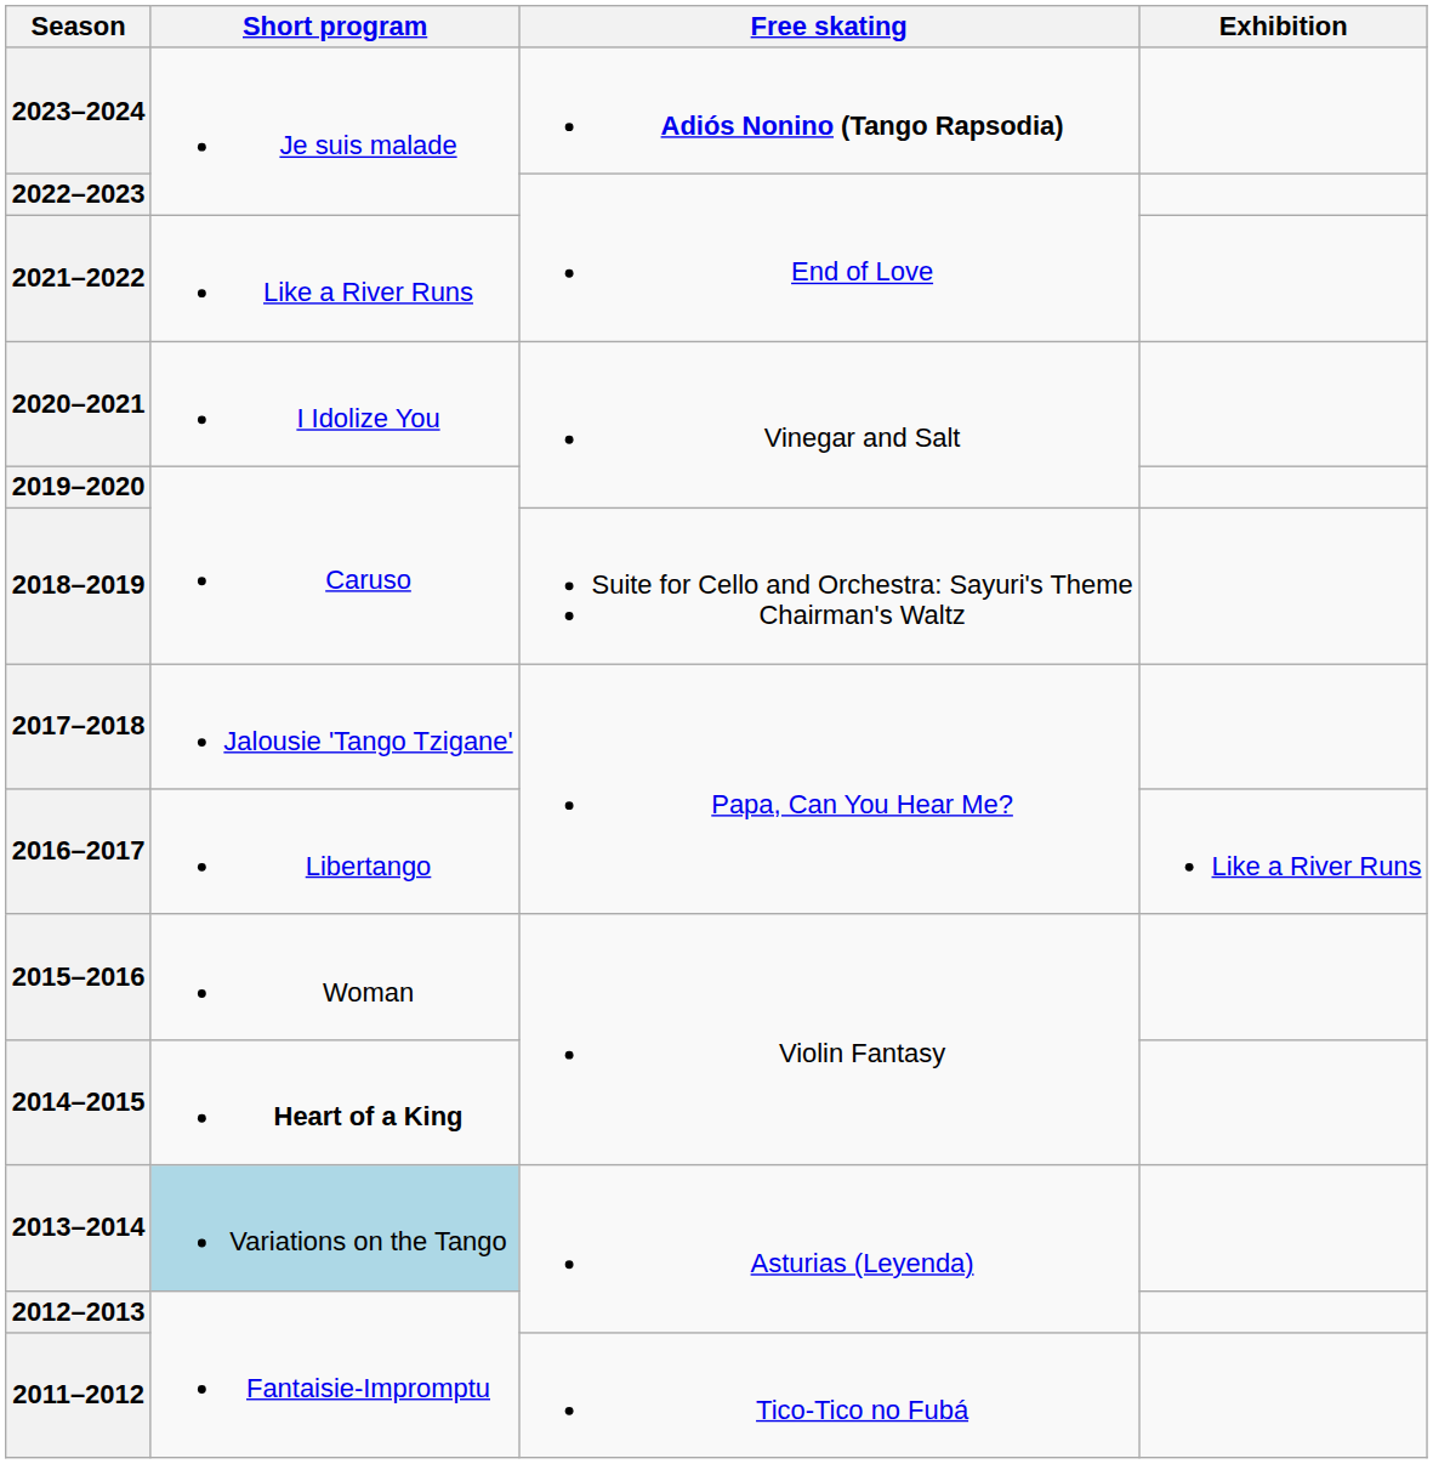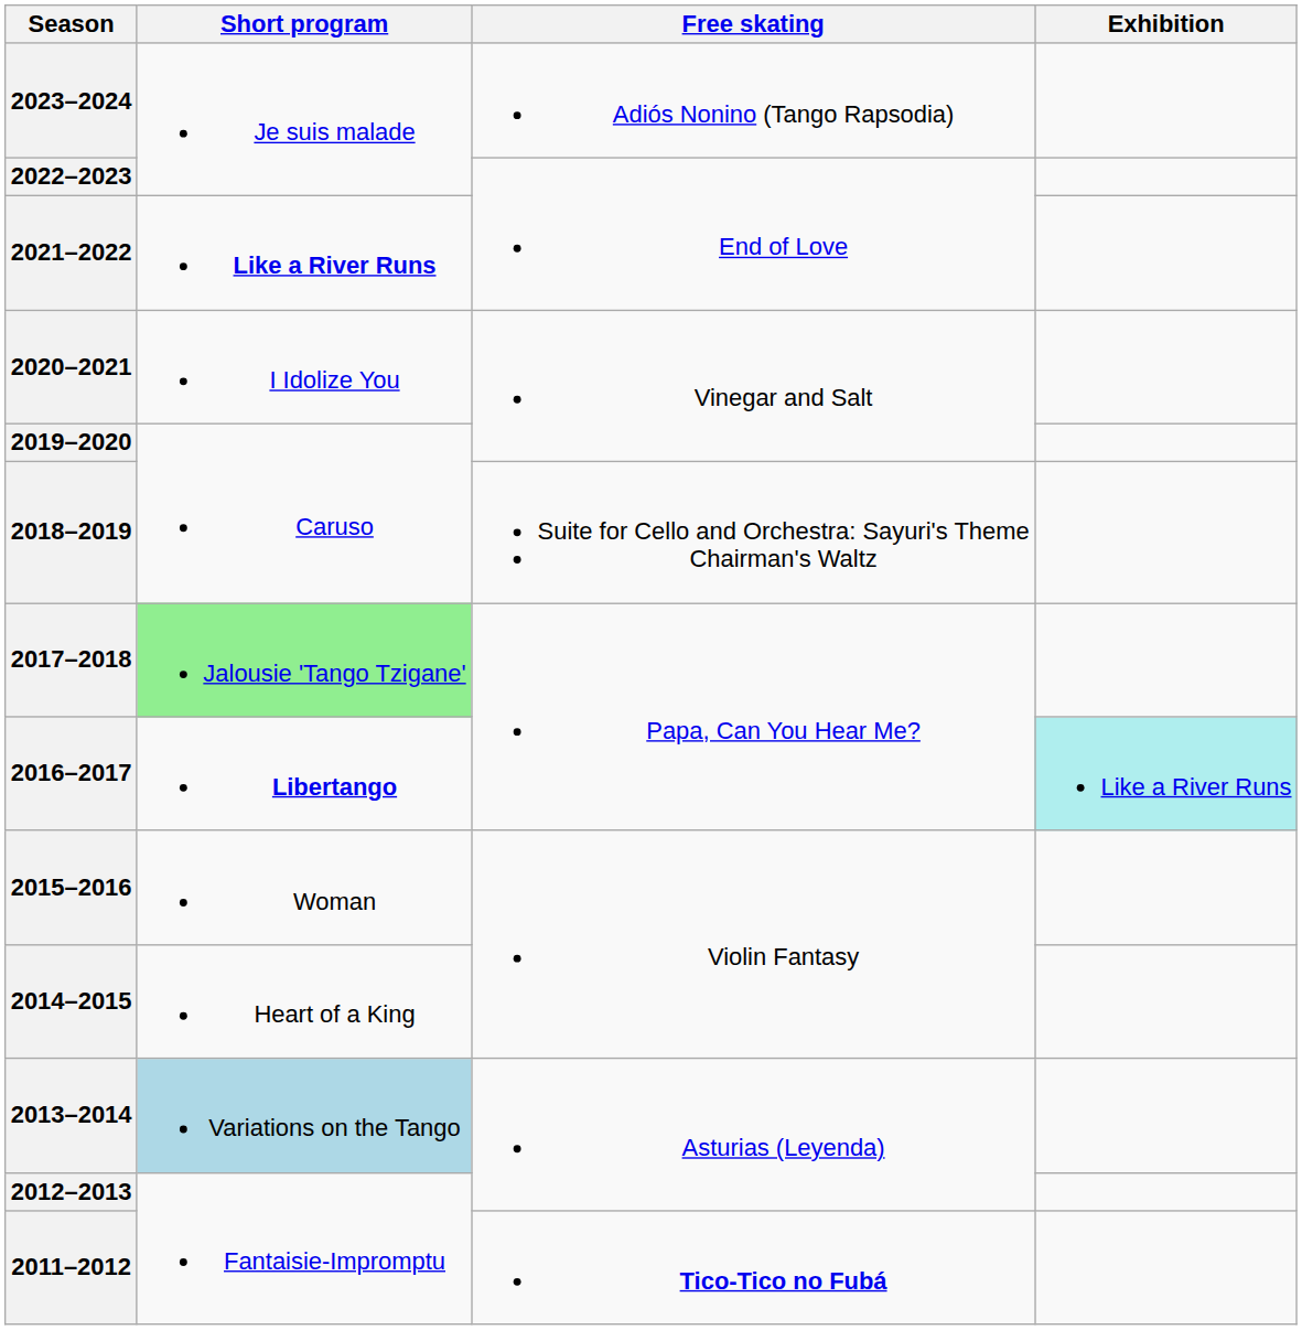 <table class="wikitable" style="text-align:center">
 <tr>
 <th>Season</th>
 <th><a href='#'>Short program</a></th>
 <th><a href='#'>Free skating</a></th>
 <th>Exhibition</th>
 </tr>
 <tr>
 <th>2023–2024 <br> </th>
 <td rowspan=2><br><ul><li><a href='#'>Je suis malade</a><br> </li></ul></td>
-<td><strong><br><ul><li><a href='#'>Adiós Nonino</a> (Tango Rapsodia) <br> </li></ul></strong></td>
+<td><br><ul><li><a href='#'>Adiós Nonino</a> (Tango Rapsodia) <br> </li></ul></td>
 <td></td>
 </tr>
 <tr>
 <th>2022–2023 <br> </th>
 <td rowspan=2><br><ul><li><a href='#'>End of Love</a> <br> </li></ul></td>
 <td></td>
 </tr>
 <tr>
 <th>2021–2022 <br> </th>
-<td><br><ul><li><a href='#'>Like a River Runs</a><br> </li></ul></td>
+<td><strong><br><ul><li><a href='#'>Like a River Runs</a><br> </li></ul></strong></td>
 <td></td>
 </tr>
 <tr>
 <th>2020–2021 <br> </th>
 <td><br><ul><li><a href='#'>I Idolize You</a><br> </li></ul></td>
 <td rowspan=2><br><ul><li>Vinegar and Salt <br> </li></ul></td>
 <td></td>
 </tr>
 <tr>
 <th>2019–2020 <br> </th>
 <td rowspan=2><br><ul><li><a href='#'>Caruso</a> <br> </li></ul></td>
 <td></td>
 </tr>
 <tr>
 <th>2018–2019 <br> </th>
 <td><br><ul><li>Suite for Cello and Orchestra: Sayuri's Theme <br> </li><li>Chairman's Waltz <br> </li></ul></td>
 <td></td>
 </tr>
 <tr>
 <th>2017–2018 <br></th>
-<td><br><ul><li><a href='#'>Jalousie 'Tango Tzigane'</a> <br></li></ul></td>
+<td style="background: lightgreen;"><br><ul><li><a href='#'>Jalousie 'Tango Tzigane'</a> <br></li></ul></td>
 <td rowspan=2><br><ul><li><a href='#'>Papa, Can You Hear Me?</a> <br></li></ul></td>
 <td></td>
 </tr>
 <tr>
 <th>2016–2017 <br> </th>
-<td><br><ul><li><a href='#'>Libertango</a> <br></li></ul></td>
-<td><br><ul><li><a href='#'>Like a River Runs</a> <br></li></ul></td>
+<td><strong><br><ul><li><a href='#'>Libertango</a> <br></li></ul></strong></td>
+<td style="background: paleturquoise;"><br><ul><li><a href='#'>Like a River Runs</a> <br></li></ul></td>
 </tr>
 <tr>
 <th>2015–2016 <br> </th>
 <td><br><ul><li>Woman <br></li></ul></td>
 <td rowspan=2><br><ul><li>Violin Fantasy <br></li></ul></td>
 <td></td>
 </tr>
 <tr>
 <th>2014–2015 <br> </th>
-<td><strong><br><ul><li>Heart of a King <br></li></ul></strong></td>
+<td><br><ul><li>Heart of a King <br></li></ul></td>
 <td></td>
 </tr>
 <tr>
 <th>2013–2014</th>
 <td style="background: lightblue;"><br><ul><li>Variations on the Tango <br></li></ul></td>
 <td rowspan=2><br><ul><li><a href='#'>Asturias (Leyenda)</a> <br></li></ul></td>
 <td></td>
 </tr>
 <tr>
 <th>2012–2013</th>
 <td rowspan=2><br><ul><li><a href='#'>Fantaisie-Impromptu</a> <br></li></ul></td>
 <td></td>
 </tr>
 <tr>
 <th>2011–2012</th>
-<td><br><ul><li><a href='#'>Tico-Tico no Fubá</a> <br></li></ul></td>
+<td><strong><br><ul><li><a href='#'>Tico-Tico no Fubá</a> <br></li></ul></strong></td>
 <td></td>
 </tr>
 </table>
